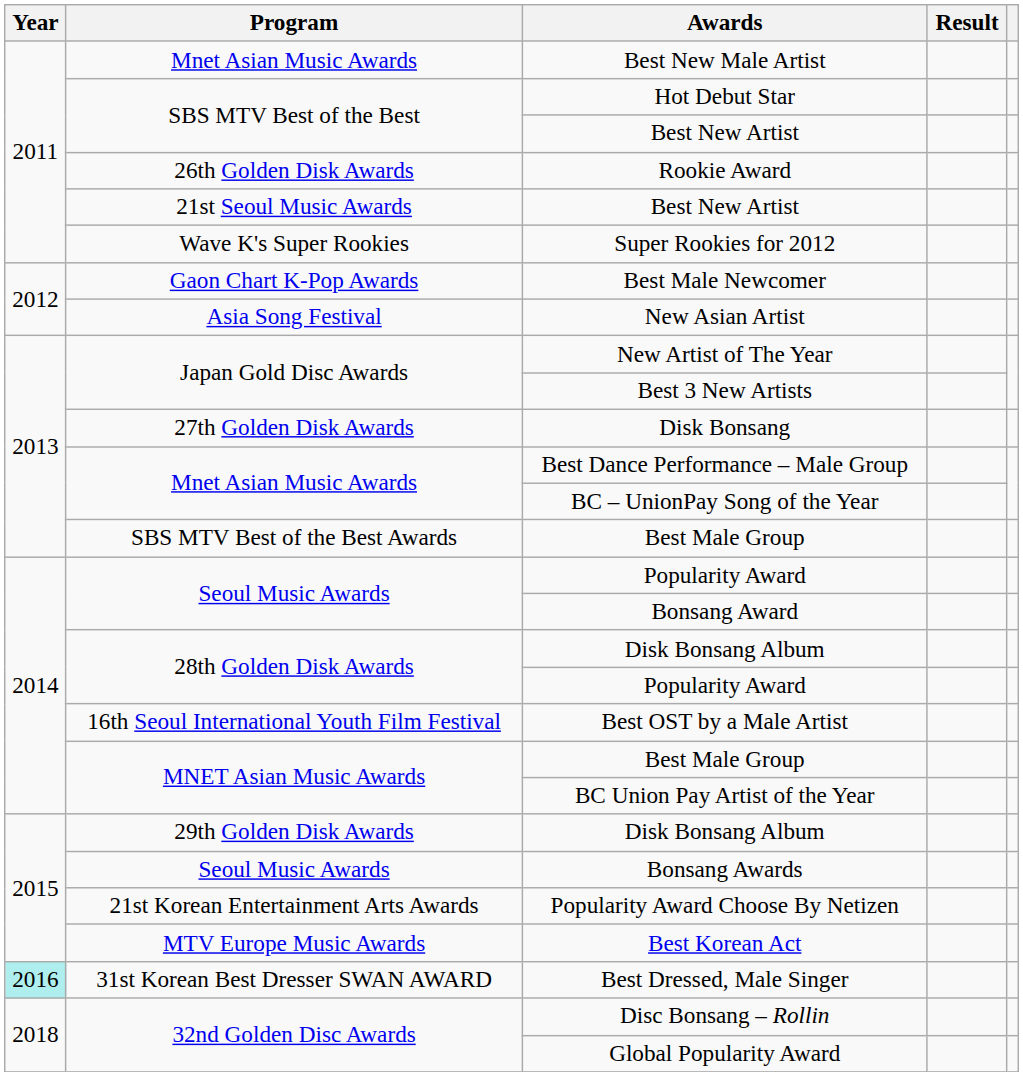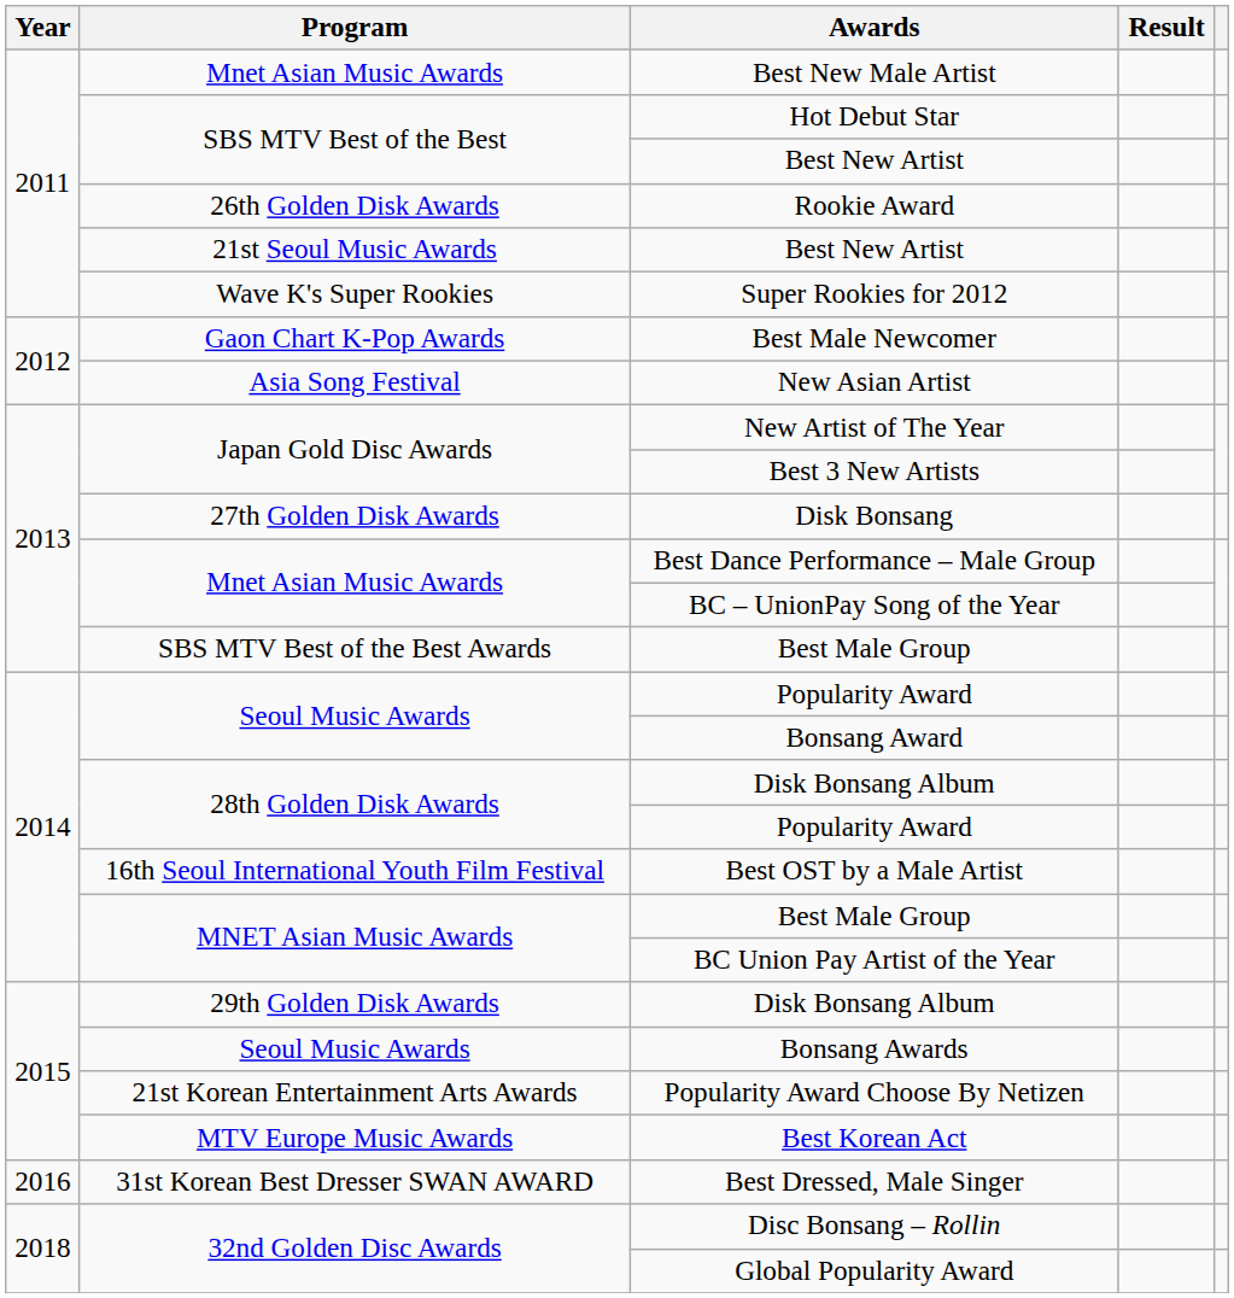 <table class="wikitable" style="text-align: center; width: 700px;">
 <tr>
 <th>Year</th>
 <th>Program</th>
 <th>Awards</th>
 <th>Result</th>
 <th class="unsortable"></th>
 </tr>
 <tr>
 <td rowspan="6">2011</td>
 <td><a href='#'>Mnet Asian Music Awards</a></td>
 <td>Best New Male Artist</td>
 <td></td>
 <td></td>
 </tr>
 <tr>
 <td rowspan="2">SBS MTV Best of the Best</td>
 <td>Hot Debut Star</td>
 <td></td>
 <td></td>
 </tr>
 <tr>
 <td>Best New Artist</td>
 <td></td>
 <td></td>
 </tr>
 <tr>
 <td>26th <a href='#'>Golden Disk Awards</a></td>
 <td>Rookie Award</td>
 <td></td>
 <td></td>
 </tr>
 <tr>
 <td>21st <a href='#'>Seoul Music Awards</a></td>
 <td>Best New Artist</td>
 <td></td>
 <td></td>
 </tr>
 <tr>
 <td>Wave K's Super Rookies</td>
 <td>Super Rookies for 2012</td>
 <td></td>
 <td></td>
 </tr>
 <tr>
 <td rowspan="2">2012</td>
 <td><a href='#'>Gaon Chart K-Pop Awards</a></td>
 <td>Best Male Newcomer</td>
 <td></td>
 <td></td>
 </tr>
 <tr>
 <td><a href='#'>Asia Song Festival</a></td>
 <td>New Asian Artist</td>
 <td></td>
 <td></td>
 </tr>
 <tr>
 <td rowspan="6">2013</td>
 <td rowspan="2">Japan Gold Disc Awards</td>
 <td>New Artist of The Year</td>
 <td></td>
 <td rowspan="2"></td>
 </tr>
 <tr>
 <td>Best 3 New Artists</td>
 <td></td>
 </tr>
 <tr>
 <td>27th <a href='#'>Golden Disk Awards</a></td>
 <td>Disk Bonsang</td>
 <td></td>
 <td></td>
 </tr>
 <tr>
 <td rowspan="2"><a href='#'>Mnet Asian Music Awards</a></td>
 <td>Best Dance Performance – Male Group</td>
 <td></td>
 <td rowspan="2"></td>
 </tr>
 <tr>
 <td>BC – UnionPay Song of the Year</td>
 <td></td>
 </tr>
 <tr>
 <td>SBS MTV Best of the Best Awards</td>
 <td>Best Male Group</td>
 <td></td>
 <td></td>
 </tr>
 <tr>
 <td rowspan="7">2014</td>
 <td rowspan="2"><a href='#'>Seoul Music Awards</a></td>
 <td>Popularity Award</td>
 <td></td>
 <td></td>
 </tr>
 <tr>
 <td>Bonsang Award</td>
 <td></td>
 <td></td>
 </tr>
 <tr>
 <td rowspan="2">28th <a href='#'>Golden Disk Awards</a></td>
 <td>Disk Bonsang Album</td>
 <td></td>
 <td></td>
 </tr>
 <tr>
 <td>Popularity Award</td>
 <td></td>
 <td></td>
 </tr>
 <tr>
 <td>16th <a href='#'>Seoul International Youth Film Festival</a></td>
 <td>Best OST by a Male Artist</td>
 <td></td>
 <td></td>
 </tr>
 <tr>
 <td rowspan="2"><a href='#'>MNET Asian Music Awards</a></td>
 <td>Best Male Group</td>
 <td></td>
 <td></td>
 </tr>
 <tr>
 <td>BC Union Pay Artist of the Year</td>
 <td></td>
 <td></td>
 </tr>
 <tr>
 <td rowspan="4">2015</td>
 <td rowspan="1">29th <a href='#'>Golden Disk Awards</a></td>
 <td>Disk Bonsang Album</td>
 <td></td>
 <td></td>
 </tr>
 <tr>
 <td rowspan"1"><a href='#'>Seoul Music Awards</a></td>
 <td>Bonsang Awards</td>
 <td></td>
 <td></td>
 </tr>
 <tr>
 <td rowspan="1">21st Korean Entertainment Arts Awards</td>
 <td>Popularity Award Choose By Netizen</td>
 <td></td>
 <td></td>
 </tr>
 <tr>
 <td rowspan="1"><a href='#'>MTV Europe Music Awards</a></td>
 <td><a href='#'>Best Korean Act</a></td>
 <td></td>
 <td></td>
 </tr>
 <tr>
-<td rowspan="1" style="background: paleturquoise;">2016</td>
+<td rowspan="1">2016</td>
 <td rowspan="1">31st Korean Best Dresser SWAN AWARD</td>
 <td>Best Dressed, Male Singer</td>
 <td></td>
 <td rowspan="1"></td>
 </tr>
 <tr>
 <td rowspan="2">2018</td>
 <td rowspan="2"><a href='#'>32nd Golden Disc Awards</a></td>
 <td>Disc Bonsang – <em>Rollin</em></td>
 <td></td>
 <td></td>
 </tr>
 <tr>
 <td>Global Popularity Award</td>
 <td></td>
 <td></td>
 </tr>
 </table>
